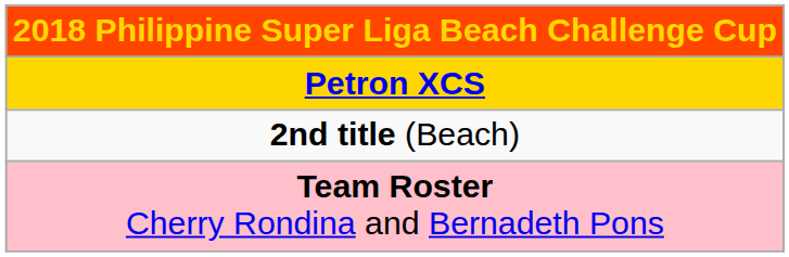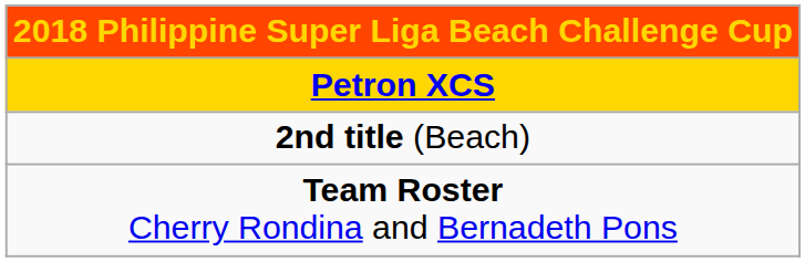 <table class=wikitable style="text-align:center; margin:auto;">
 <tr>
 <th style="background:#FF4500; color:#FFD700;">2018 Philippine Super Liga Beach Challenge Cup</th>
 </tr>
 <tr bgcolor="gold">
 <td><strong><a href='#'>Petron XCS</a></strong></td>
 </tr>
 <tr>
 <td><strong>2nd title</strong> (Beach)</td>
 </tr>
 <tr>
-<td style="background: pink;"><strong>Team Roster</strong><br><a href='#'>Cherry Rondina</a> and <a href='#'>Bernadeth Pons</a></td>
+<td><strong>Team Roster</strong><br><a href='#'>Cherry Rondina</a> and <a href='#'>Bernadeth Pons</a></td>
 </tr>
 </table>
